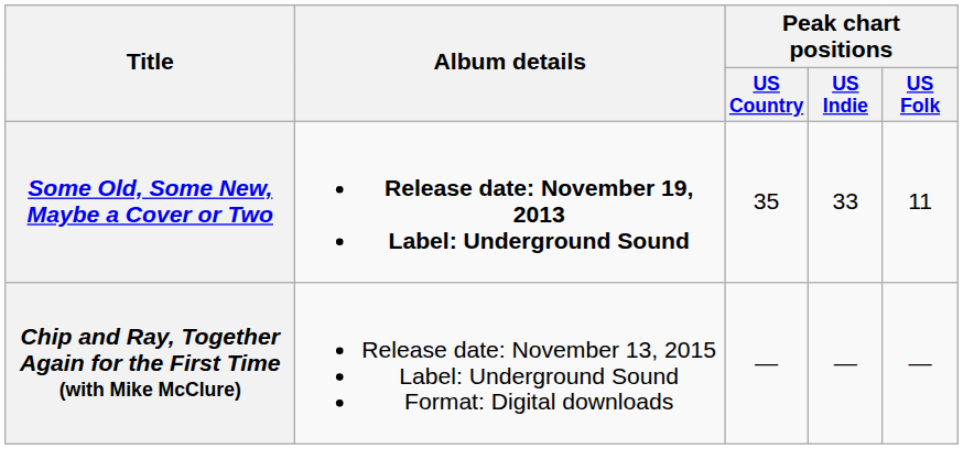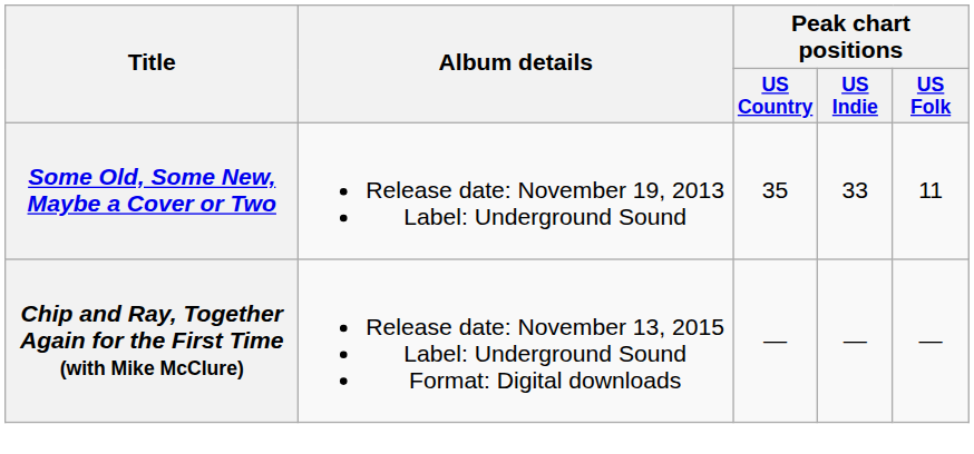 <table class="wikitable plainrowheaders" style="text-align:center;">
 <tr>
 <th rowspan="2" style="width:12em;">Title</th>
 <th rowspan="2" style="width:18em;">Album details</th>
 <th colspan="3">Peak chart positions</th>
 </tr>
 <tr style="font-size:smaller;">
 <th width="45"><a href='#'>US Country</a><br></th>
 <th width="45"><a href='#'>US<br>Indie</a><br></th>
 <th width="45"><a href='#'>US<br>Folk</a><br></th>
 </tr>
 <tr>
 <th scope="row"><em><a href='#'>Some Old, Some New, Maybe a Cover or Two</a></em></th>
-<td><strong><br><ul><li>Release date: November 19, 2013</li><li>Label: Underground Sound</li></ul></strong></td>
+<td><br><ul><li>Release date: November 19, 2013</li><li>Label: Underground Sound</li></ul></td>
 <td>35</td>
 <td>33</td>
 <td>11</td>
 </tr>
 <tr>
 <th scope="row"><em>Chip and Ray, Together Again for the First Time</em> <small>(with Mike McClure)</small></th>
 <td><br><ul><li>Release date: November 13, 2015</li><li>Label: Underground Sound</li><li>Format: Digital downloads</li></ul></td>
 <td>—</td>
 <td>—</td>
 <td>—</td>
 </tr>
 </table>
